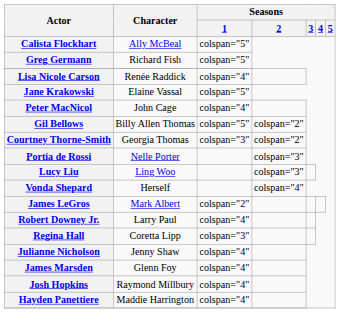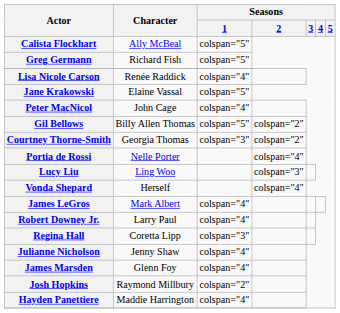 <table class="wikitable plainrowheaders" style="text-align:center;">
 <tr>
 <th scope="col" rowspan="2">Actor</th>
 <th scope="col" rowspan="2">Character</th>
 <th scope="col" colspan="5">Seasons</th>
 </tr>
 <tr>
 <th scope="col"><a href='#'>1</a></th>
 <th scope="col" style="width:4em;"><a href='#'>2</a></th>
 <th scope="col"><a href='#'>3</a></th>
 <th scope="col"><a href='#'>4</a></th>
 <th scope="col"><a href='#'>5</a></th>
 </tr>
 <tr>
 <th scope="row"><a href='#'>Calista Flockhart</a></th>
 <td><a href='#'>Ally McBeal</a></td>
 <td>colspan="5" </td>
 </tr>
 <tr>
 <th scope="row"><a href='#'>Greg Germann</a></th>
 <td>Richard Fish</td>
 <td>colspan="5" </td>
 </tr>
 <tr>
 </tr>
 <tr>
 <th scope="row"><a href='#'>Lisa Nicole Carson</a></th>
 <td>Renée Raddick</td>
 <td>colspan="4" </td>
 <td></td>
 </tr>
 <tr>
 <th scope="row"><a href='#'>Jane Krakowski</a></th>
 <td>Elaine Vassal</td>
 <td>colspan="5" </td>
 </tr>
 <tr>
 <th scope="row"><a href='#'>Peter MacNicol</a></th>
 <td>John Cage</td>
 <td>colspan="4" </td>
 <td></td>
 </tr>
 <tr>
 <th scope="row"><a href='#'>Gil Bellows</a></th>
 <td>Billy Allen Thomas</td>
 <td>colspan="5" </td>
 <td>colspan="2" </td>
 </tr>
 <tr>
 <th scope="row"><a href='#'>Courtney Thorne-Smith</a></th>
 <td>Georgia Thomas</td>
 <td>colspan="3" </td>
 <td>colspan="2" </td>
 </tr>
 <tr>
 <th scope="row"><a href='#'>Portia de Rossi</a></th>
 <td><a href='#'>Nelle Porter</a></td>
 <td></td>
-<td>colspan="3" </td>
+<td>colspan="4" </td>
 </tr>
 <tr>
 <th scope="row"><a href='#'>Lucy Liu</a></th>
 <td><a href='#'>Ling Woo</a></td>
 <td></td>
 <td>colspan="3" </td>
 <td></td>
 </tr>
 <tr>
 <th scope="row"><a href='#'>Vonda Shepard</a></th>
 <td>Herself</td>
 <td></td>
 <td>colspan="4" </td>
 </tr>
 <tr>
 <th scope="row"><a href='#'>James LeGros</a></th>
 <td><a href='#'>Mark Albert</a></td>
-<td>colspan="2" </td>
+<td>colspan="4" </td>
 <td></td>
 <td></td>
 <td></td>
 </tr>
 <tr>
 <th scope="row"><a href='#'>Robert Downey Jr.</a></th>
 <td>Larry Paul</td>
 <td>colspan="4" </td>
 <td></td>
 <td></td>
 </tr>
 <tr>
 <th scope="row"><a href='#'>Regina Hall</a></th>
 <td>Coretta Lipp</td>
 <td>colspan="3" </td>
 <td></td>
 <td></td>
 </tr>
 <tr>
 <th scope="row"><a href='#'>Julianne Nicholson</a></th>
 <td>Jenny Shaw</td>
 <td>colspan="4" </td>
 <td></td>
 </tr>
 <tr>
 <th scope="row"><a href='#'>James Marsden</a></th>
 <td>Glenn Foy</td>
 <td>colspan="4" </td>
 <td></td>
 </tr>
 <tr>
 <th scope="row"><a href='#'>Josh Hopkins</a></th>
 <td>Raymond Millbury</td>
-<td>colspan="4" </td>
+<td>colspan="2" </td>
 <td></td>
 </tr>
 <tr>
 <th scope="row"><a href='#'>Hayden Panettiere</a></th>
 <td>Maddie Harrington</td>
 <td>colspan="4" </td>
 <td></td>
 </tr>
 <tr>
 </tr>
 </table>
